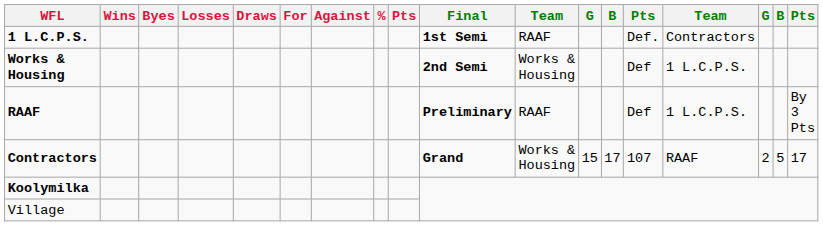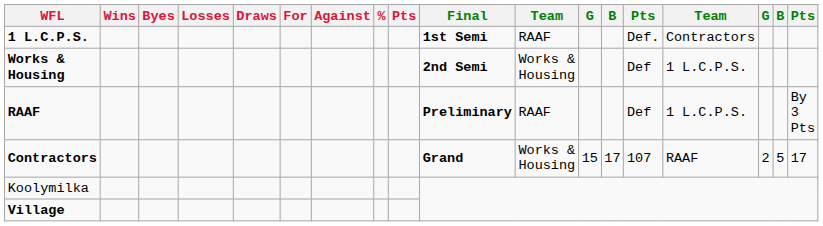 <table class="wikitable">
 <tr>
 <th style="color:crimson">WFL</th>
 <th style="color:crimson">Wins</th>
 <th style="color:crimson">Byes</th>
 <th style="color:crimson">Losses</th>
 <th style="color:crimson">Draws</th>
 <th style="color:crimson">For</th>
 <th style="color:crimson">Against</th>
 <th style="color:crimson">%</th>
 <th style="color:crimson">Pts</th>
 <th style="color:green">Final</th>
 <th style="color:green">Team</th>
 <th style="color:green">G</th>
 <th style="color:green">B</th>
 <th style="color:green">Pts</th>
 <th style="color:green">Team</th>
 <th style="color:green">G</th>
 <th style="color:green">B</th>
 <th style="color:green">Pts</th>
 </tr>
 <tr>
 <td><strong>	1 L.C.P.S.	</strong></td>
 <td></td>
 <td></td>
 <td></td>
 <td></td>
 <td></td>
 <td></td>
 <td></td>
 <td></td>
 <td><strong>1st Semi</strong></td>
 <td>RAAF</td>
 <td></td>
 <td></td>
 <td>Def.</td>
 <td>Contractors</td>
 <td></td>
 <td></td>
 <td></td>
 </tr>
 <tr>
 <td><strong>	Works & Housing	</strong></td>
 <td></td>
 <td></td>
 <td></td>
 <td></td>
 <td></td>
 <td></td>
 <td></td>
 <td></td>
 <td><strong>2nd Semi</strong></td>
 <td>Works & Housing</td>
 <td></td>
 <td></td>
 <td>Def</td>
 <td>1 L.C.P.S.</td>
 <td></td>
 <td></td>
 <td></td>
 </tr>
 <tr>
 <td><strong>	RAAF	</strong></td>
 <td></td>
 <td></td>
 <td></td>
 <td></td>
 <td></td>
 <td></td>
 <td></td>
 <td></td>
 <td><strong>Preliminary</strong></td>
 <td>RAAF</td>
 <td></td>
 <td></td>
 <td>Def</td>
 <td>1 L.C.P.S.</td>
 <td></td>
 <td></td>
 <td>By 3 Pts</td>
 </tr>
 <tr>
 <td><strong>	Contractors	</strong></td>
 <td></td>
 <td></td>
 <td></td>
 <td></td>
 <td></td>
 <td></td>
 <td></td>
 <td></td>
 <td><strong>Grand</strong></td>
 <td>Works & Housing</td>
 <td>15</td>
 <td>17</td>
 <td>107</td>
 <td>RAAF</td>
 <td>2</td>
 <td>5</td>
 <td>17</td>
 </tr>
 <tr>
-<td><strong>Koolymilka</strong></td>
+<td>Koolymilka</td>
 <td></td>
 <td></td>
 <td></td>
 <td></td>
 <td></td>
 <td></td>
 <td></td>
 <td></td>
 </tr>
 <tr>
-<td>Village</td>
+<td><strong>Village</strong></td>
 <td></td>
 <td></td>
 <td></td>
 <td></td>
 <td></td>
 <td></td>
 <td></td>
 <td></td>
 </tr>
 </table>
